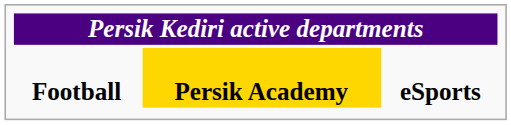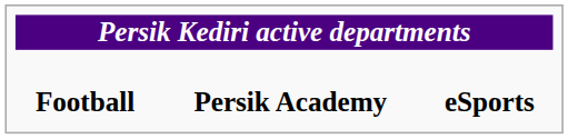 <table class="infobox" style="width: 20em; font-size: 95%em;">
 <tr style="color:white; background:indigo; text-align:center;">
 <th colspan="3" style="text-align: center"><em>Persik Kediri active departments</em></th>
 </tr>
 <tr style="text-align: center">
 <td><br><strong>Football</strong></td>
-<td style="background: gold;"><br><strong>Persik Academy</strong></td>
+<td><br><strong>Persik Academy</strong></td>
 <td><br><strong>eSports</strong></td>
 </tr>
 <tr style="font-size: 90%; text-align: center">
 </tr>
 </table>
